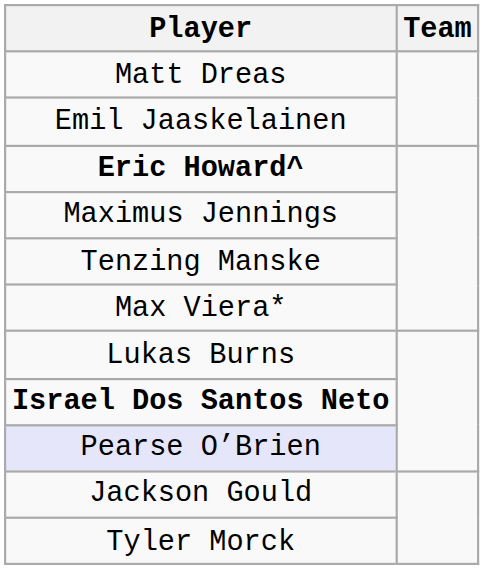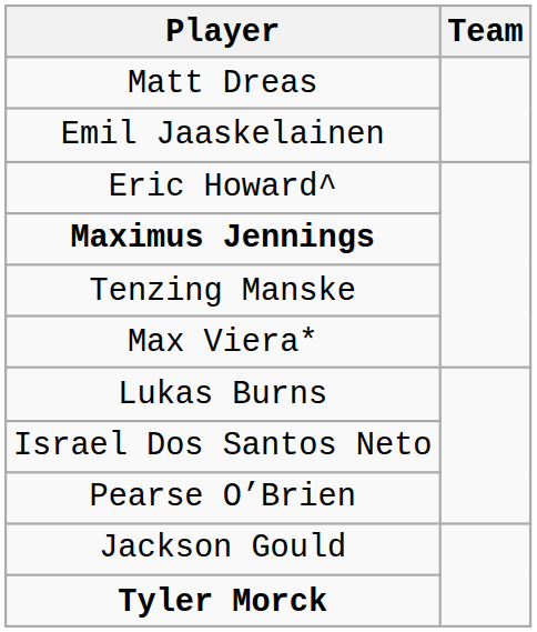 <table class="wikitable" style="text-align: center;">
 <tr>
 <th>Player</th>
 <th>Team</th>
 </tr>
 <tr>
 <td>Matt Dreas</td>
 <td rowspan=2></td>
 </tr>
 <tr>
 <td>Emil Jaaskelainen</td>
 </tr>
 <tr>
-<td><strong>Eric Howard^</strong></td>
+<td>Eric Howard^</td>
 <td rowspan=4></td>
 </tr>
 <tr>
-<td>Maximus Jennings</td>
+<td><strong>Maximus Jennings</strong></td>
 </tr>
 <tr>
 <td>Tenzing Manske</td>
 </tr>
 <tr>
 <td>Max Viera*</td>
 </tr>
 <tr>
 <td>Lukas Burns</td>
 <td rowspan=3></td>
 </tr>
 <tr>
-<td><strong>Israel Dos Santos Neto</strong></td>
+<td>Israel Dos Santos Neto</td>
 </tr>
 <tr>
-<td style="background: lavender;">Pearse O’Brien</td>
+<td>Pearse O’Brien</td>
 </tr>
 <tr>
 <td>Jackson Gould</td>
 <td rowspan=2></td>
 </tr>
 <tr>
-<td>Tyler Morck</td>
+<td><strong>Tyler Morck</strong></td>
 </tr>
 </table>
